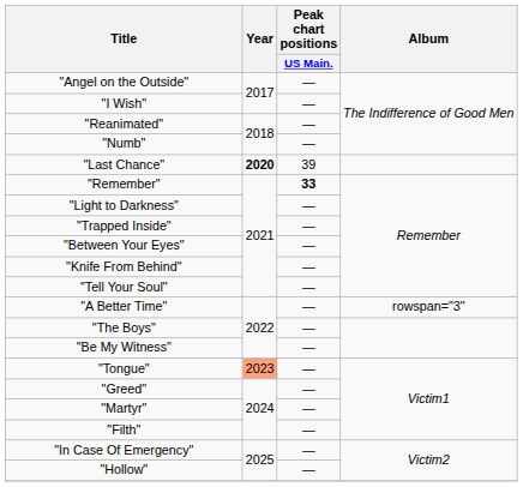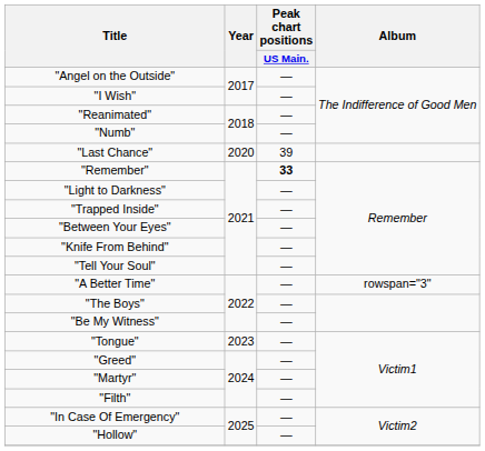 <table class="wikitable plainrowheaders" style="text-align:center;">
 <tr>
 <th scope="col" rowspan="2" style="width:18em;">Title</th>
 <th scope="col" rowspan="2">Year</th>
 <th scope="col" colspan="1">Peak chart positions</th>
 <th scope="col" rowspan="2">Album</th>
 </tr>
 <tr>
 <th scope="col" style="width:4em;font-size:90%;"><a href='#'>US Main.</a></th>
 </tr>
 <tr>
 <td>"Angel on the Outside"</td>
 <td rowspan="2">2017</td>
 <td>—</td>
 <td rowspan="4"><em>The Indifference of Good Men</em></td>
 </tr>
 <tr>
 <td>"I Wish"</td>
 <td>—</td>
 </tr>
 <tr>
 <td>"Reanimated"</td>
 <td rowspan="2">2018</td>
 <td>—</td>
 </tr>
 <tr>
 <td>"Numb"</td>
 <td>—</td>
 </tr>
 <tr>
 <td>"Last Chance"</td>
-<td><strong>2020</strong></td>
+<td>2020</td>
 <td>39</td>
 <td></td>
 </tr>
 <tr>
 <td>"Remember"</td>
 <td rowspan="6">2021</td>
 <td><strong>33</strong></td>
 <td rowspan="6"><em>Remember</em></td>
 </tr>
 <tr>
 <td>"Light to Darkness"</td>
 <td>—</td>
 </tr>
 <tr>
 <td>"Trapped Inside"</td>
 <td>—</td>
 </tr>
 <tr>
 <td>"Between Your Eyes"</td>
 <td>—</td>
 </tr>
 <tr>
 <td>"Knife From Behind"</td>
 <td>—</td>
 </tr>
 <tr>
 <td>"Tell Your Soul" </td>
 <td>—</td>
 </tr>
 <tr>
 <td>"A Better Time"</td>
 <td rowspan="3">2022</td>
 <td>—</td>
 <td>rowspan="3"</td>
 </tr>
 <tr>
 <td>"The Boys" </td>
 <td>—</td>
 </tr>
 <tr>
 <td>"Be My Witness"</td>
 <td>—</td>
 </tr>
 <tr>
 <td>"Tongue"</td>
-<td style="background: lightsalmon;">2023</td>
+<td>2023</td>
 <td>—</td>
 <td rowspan="4"><em>Victim1</em></td>
 </tr>
 <tr>
 <td>"Greed"</td>
 <td rowspan="3">2024</td>
 <td>—</td>
 </tr>
 <tr>
 <td>"Martyr"</td>
 <td>—</td>
 </tr>
 <tr>
 <td>"Filth"</td>
 <td>—</td>
 </tr>
 <tr>
 <td>"In Case Of Emergency" </td>
 <td rowspan="2">2025</td>
 <td>—</td>
 <td rowspan="2"><em>Victim2</em></td>
 </tr>
 <tr>
 <td>"Hollow"</td>
 <td>—</td>
 </tr>
 <tr>
 </tr>
 </table>
